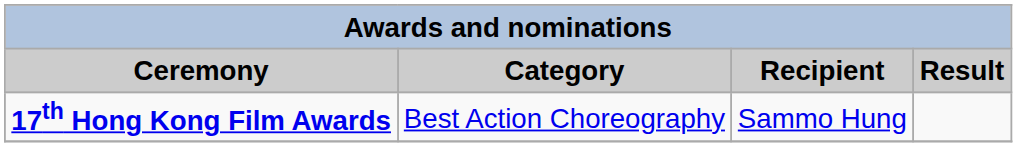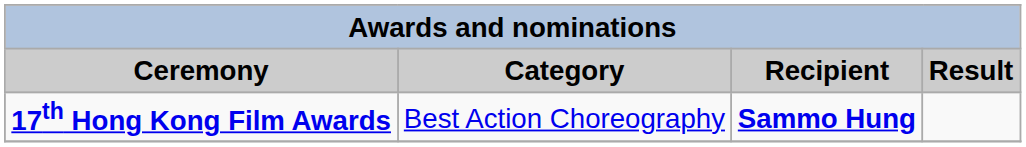 <table class="wikitable" style="font-size:95%;" ;>
 <tr style="background:#ccc; text-align:center;">
 <th colspan="4" style="background: LightSteelBlue;">Awards and nominations</th>
 </tr>
 <tr style="background:#ccc; text-align:center;">
 <th style="background:#ccc">Ceremony</th>
 <th style="background:#ccc">Category</th>
 <th style="background:#ccc">Recipient</th>
 <th style="background:#ccc">Result</th>
 </tr>
 <tr>
 <td><strong><a href='#'>17<sup>th</sup> Hong Kong Film Awards</a></strong></td>
 <td><a href='#'>Best Action Choreography</a></td>
-<td><a href='#'>Sammo Hung</a></td>
+<td><strong><a href='#'>Sammo Hung</a></strong></td>
 <td></td>
 </tr>
 <tr>
 </tr>
 </table>
